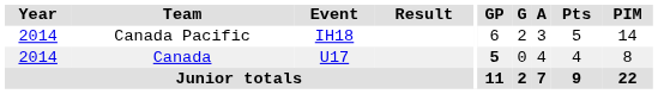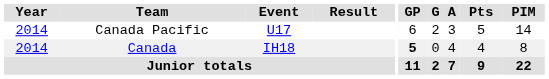 <table border="0" cellpadding="1" cellspacing="0" ID="Table3" style="text-align:center; width:40em">
 <tr ALIGN="center" bgcolor="#e0e0e0">
 <th>Year</th>
 <th>Team</th>
 <th>Event</th>
 <th>Result</th>
 <th rowspan="99" bgcolor="#ffffff"></th>
 <th>GP</th>
 <th>G</th>
 <th>A</th>
 <th>Pts</th>
 <th>PIM</th>
 </tr>
 <tr>
 <td><a href='#'>2014</a></td>
 <td>Canada Pacific</td>
-<td><a href='#'>IH18</a></td>
+<td><a href='#'>U17</a></td>
 <td></td>
 <td>6</td>
 <td>2</td>
 <td>3</td>
 <td>5</td>
 <td>14</td>
 </tr>
 <tr bgcolor="#f0f0f0">
 <td><a href='#'>2014</a></td>
 <td><a href='#'>Canada</a></td>
-<td><a href='#'>U17</a></td>
+<td><a href='#'>IH18</a></td>
 <td></td>
 <td><strong>5</strong></td>
 <td>0</td>
 <td>4</td>
 <td>4</td>
 <td>8</td>
 </tr>
 <tr bgcolor="#e0e0e0">
 <th colspan="4">Junior totals</th>
 <th>11</th>
 <th>2</th>
 <th>7</th>
 <th>9</th>
 <th>22</th>
 </tr>
 </table>
